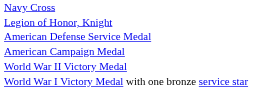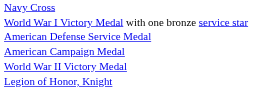 <table>
 <tr>
 <td> <a href='#'>Navy Cross</a></td>
 </tr>
 <tr>
-<td> <a href='#'>Legion of Honor, Knight</a></td>
+<td> <a href='#'>World War I Victory Medal</a> with one bronze <a href='#'>service star</a></td>
 </tr>
 <tr>
 <td> <a href='#'>American Defense Service Medal</a></td>
 </tr>
 <tr>
 <td> <a href='#'>American Campaign Medal</a></td>
 </tr>
 <tr>
 <td> <a href='#'>World War II Victory Medal</a></td>
 </tr>
 <tr>
-<td> <a href='#'>World War I Victory Medal</a> with one bronze <a href='#'>service star</a></td>
+<td> <a href='#'>Legion of Honor, Knight</a></td>
 </tr>
 </table>
